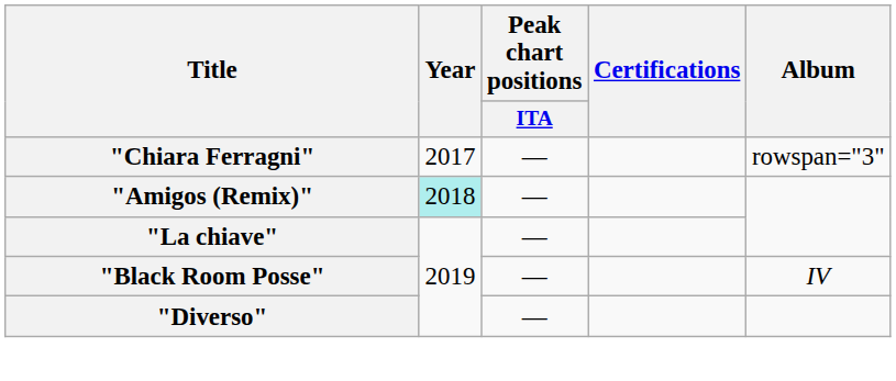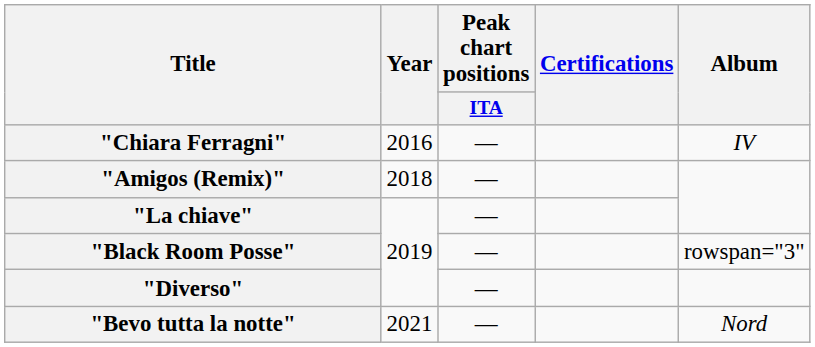 <table class="wikitable plainrowheaders" style="text-align:center;">
 <tr>
 <th rowspan="2" scope="col" style="width:16em;">Title</th>
 <th rowspan="2" scope="col" style="width:1em;">Year</th>
 <th scope="col">Peak chart positions</th>
 <th rowspan="2" scope="col"><a href='#'>Certifications</a></th>
 <th rowspan="2">Album</th>
 </tr>
 <tr>
 <th scope="col" style="width:3em;font-size:85%;"><a href='#'>ITA</a><br></th>
 </tr>
 <tr>
 <th scope="row">"Chiara Ferragni"<br></th>
-<td>2017</td>
+<td>2016</td>
 <td>—</td>
 <td></td>
-<td>rowspan="3" </td>
+<td><em>IV</em></td>
 </tr>
 <tr>
 <th scope="row">"Amigos (Remix)"<br></th>
-<td style="background: paleturquoise;">2018</td>
+<td>2018</td>
 <td>—</td>
 <td></td>
 </tr>
 <tr>
 <th scope="row">"La chiave"<br></th>
 <td rowspan="3">2019</td>
 <td>—</td>
 <td></td>
 </tr>
 <tr>
 <th scope="row">"Black Room Posse"<br></th>
 <td>—</td>
 <td></td>
-<td><em>IV</em></td>
+<td>rowspan="3" </td>
 </tr>
 <tr>
 <th scope="row" nowrap="">"Diverso"<br></th>
 <td>—</td>
 <td></td>
 <td></td>
 </tr>
+<tr>
+<th scope="row">"Bevo tutta la notte"<br></th>
+<td>2021</td>
+<td>—</td>
+<td></td>
+<td><em>Nord</em></td>
+</tr>
 </table>
